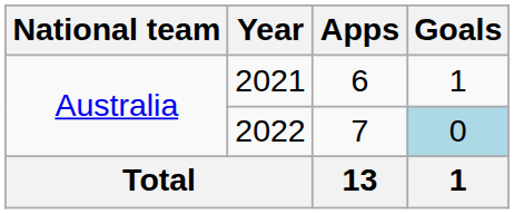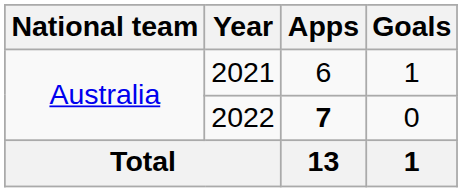 <table class="wikitable" style="text-align:center">
 <tr>
 <th>National team</th>
 <th>Year</th>
 <th>Apps</th>
 <th>Goals</th>
 </tr>
 <tr>
 <td rowspan="2"><a href='#'>Australia</a></td>
 <td>2021</td>
 <td>6</td>
 <td>1</td>
 </tr>
 <tr>
 <td>2022</td>
-<td>7</td>
-<td style="background: lightblue;">0</td>
+<td><strong>7</strong></td>
+<td>0</td>
 </tr>
 <tr>
 <th colspan="2">Total</th>
 <th>13</th>
 <th>1</th>
 </tr>
 </table>
